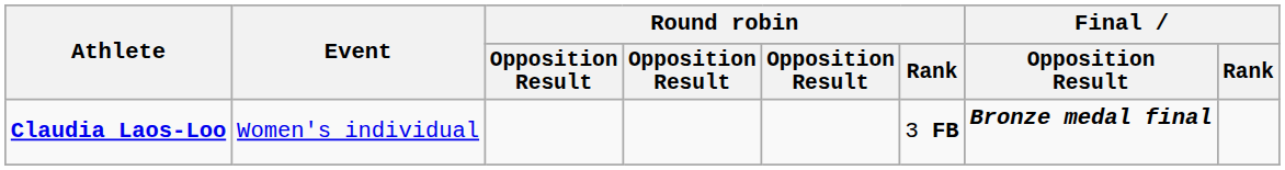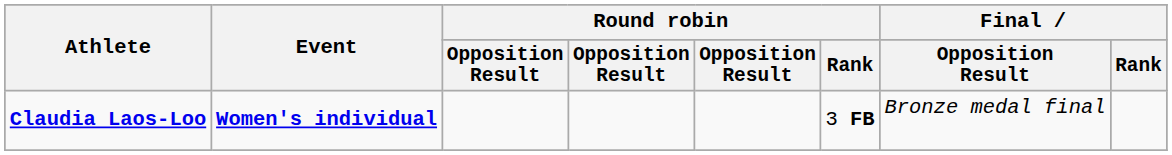 <table class=wikitable style=font-size:90%;text-align:center>
 <tr>
 <th rowspan=2>Athlete</th>
 <th rowspan=2>Event</th>
 <th colspan=4>Round robin</th>
 <th colspan=2>Final / </th>
 </tr>
 <tr style=font-size:95%>
 <th>Opposition<br>Result</th>
 <th>Opposition<br>Result</th>
 <th>Opposition<br>Result</th>
 <th>Rank</th>
 <th>Opposition<br>Result</th>
 <th>Rank</th>
 </tr>
 <tr align=center>
 <td align=left><strong><a href='#'>Claudia Laos-Loo</a></strong></td>
-<td align=left><a href='#'>Women's individual</a></td>
+<td align=left><strong><a href='#'>Women's individual</a></strong></td>
 <td><br></td>
 <td><br></td>
 <td><br></td>
 <td>3 <strong>FB</strong></td>
-<td><strong><em>Bronze medal final</em><br><br></strong></td>
+<td><em>Bronze medal final</em><br><br></td>
 <td></td>
 </tr>
 </table>
